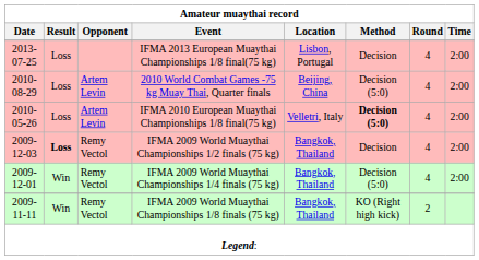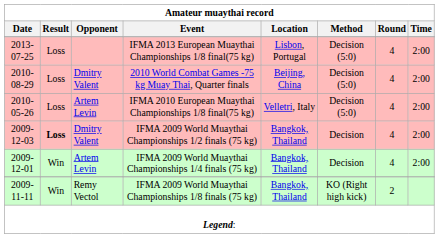 <table class="wikitable collapsible" style="font-size:88%; width:100%; text-align:center;">
 <tr>
 <th colspan=8 style="background:#fff">Amateur muaythai record</th>
 </tr>
 <tr>
 <th>Date</th>
 <th>Result</th>
 <th>Opponent</th>
 <th>Event</th>
 <th>Location</th>
 <th>Method</th>
 <th>Round</th>
 <th>Time</th>
 </tr>
 <tr>
 </tr>
 <tr bgcolor="#FFBBBB">
 <td>2013-07-25</td>
 <td>Loss</td>
 <td align=left></td>
 <td>IFMA 2013 European Muaythai Championships 1/8 final(75 kg)</td>
 <td><a href='#'>Lisbon</a>, Portugal</td>
-<td>Decision</td>
+<td>Decision (5:0)</td>
 <td>4</td>
 <td>2:00</td>
 </tr>
 <tr bgcolor="#FFBBBB">
 <td>2010-08-29</td>
 <td>Loss</td>
-<td align=left> <a href='#'>Artem Levin</a></td>
+<td align=left> <a href='#'>Dmitry Valent</a></td>
 <td><a href='#'>2010 World Combat Games -75 kg Muay Thai</a>, Quarter finals</td>
 <td><a href='#'>Beijing, China</a></td>
 <td>Decision (5:0)</td>
 <td>4</td>
 <td>2:00</td>
 </tr>
 <tr bgcolor="#FFBBBB">
 <td>2010-05-26</td>
 <td>Loss</td>
 <td align=left> <a href='#'>Artem Levin</a></td>
 <td>IFMA 2010 European Muaythai Championships 1/8 final(75 kg)</td>
 <td><a href='#'>Velletri</a>, Italy</td>
-<td><strong>Decision (5:0)</strong></td>
+<td>Decision (5:0)</td>
 <td>4</td>
 <td>2:00</td>
 </tr>
 <tr bgcolor="#FFBBBB">
 <td>2009-12-03</td>
 <td><strong>Loss</strong></td>
-<td align=left> Remy Vectol</td>
+<td align=left> <a href='#'>Dmitry Valent</a></td>
 <td>IFMA 2009 World Muaythai Championships 1/2 finals (75 kg)</td>
 <td><a href='#'>Bangkok, Thailand</a></td>
 <td>Decision</td>
 <td>4</td>
 <td>2:00</td>
 </tr>
 <tr bgcolor="#CCFFCC">
 <td>2009-12-01</td>
 <td>Win</td>
-<td align=left> Remy Vectol</td>
+<td align=left> <a href='#'>Artem Levin</a></td>
 <td>IFMA 2009 World Muaythai Championships 1/4 finals (75 kg)</td>
 <td><a href='#'>Bangkok, Thailand</a></td>
-<td>Decision (5:0)</td>
+<td>Decision</td>
 <td>4</td>
 <td>2:00</td>
 </tr>
 <tr>
 </tr>
 <tr bgcolor="#CCFFCC">
 <td>2009-11-11</td>
 <td>Win</td>
 <td align=left> Remy Vectol</td>
 <td>IFMA 2009 World Muaythai Championships 1/8 finals (75 kg)</td>
 <td><a href='#'>Bangkok, Thailand</a></td>
 <td>KO (Right high kick)</td>
 <td>2</td>
 <td></td>
 </tr>
 <tr>
 <td colspan=9 style="background:#fff"><br><strong><em>Legend</em></strong>:    </td>
 </tr>
 </table>
